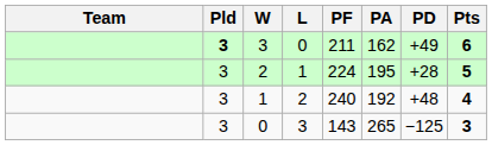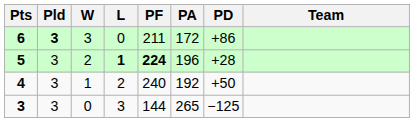 <table class=wikitable style="text-align:center">
 <tr>
-<th width=180>Team</th>
+<th width=30>Pts</th>
 <th width=30>Pld</th>
 <th width=30>W</th>
 <th width=30>L</th>
 <th width=30>PF</th>
 <th width=30>PA</th>
 <th width=30>PD</th>
-<th width=30>Pts</th>
+<th width=180>Team</th>
 </tr>
 <tr align=center bgcolor="#ccffcc">
-<td align=left></td>
+<td><strong>6</strong></td>
 <td><strong>3</strong></td>
 <td>3</td>
 <td>0</td>
 <td>211</td>
-<td>162</td>
-<td>+49</td>
-<td><strong>6</strong></td>
+<td>172</td>
+<td>+86</td>
+<td align=left></td>
 </tr>
 <tr align=center bgcolor="#ccffcc">
-<td align=left></td>
+<td><strong>5</strong></td>
 <td>3</td>
 <td>2</td>
-<td>1</td>
-<td>224</td>
-<td>195</td>
+<td><strong>1</strong></td>
+<td><strong>224</strong></td>
+<td>196</td>
 <td>+28</td>
-<td><strong>5</strong></td>
+<td align=left></td>
 </tr>
 <tr align=center>
-<td align=left></td>
+<td><strong>4</strong></td>
 <td>3</td>
 <td>1</td>
 <td>2</td>
 <td>240</td>
 <td>192</td>
-<td>+48</td>
-<td><strong>4</strong></td>
+<td>+50</td>
+<td align=left></td>
 </tr>
 <tr align=center>
-<td align=left></td>
+<td><strong>3</strong></td>
 <td>3</td>
 <td>0</td>
 <td>3</td>
-<td>143</td>
+<td>144</td>
 <td>265</td>
 <td>−125</td>
-<td><strong>3</strong></td>
+<td align=left></td>
 </tr>
 </table>
